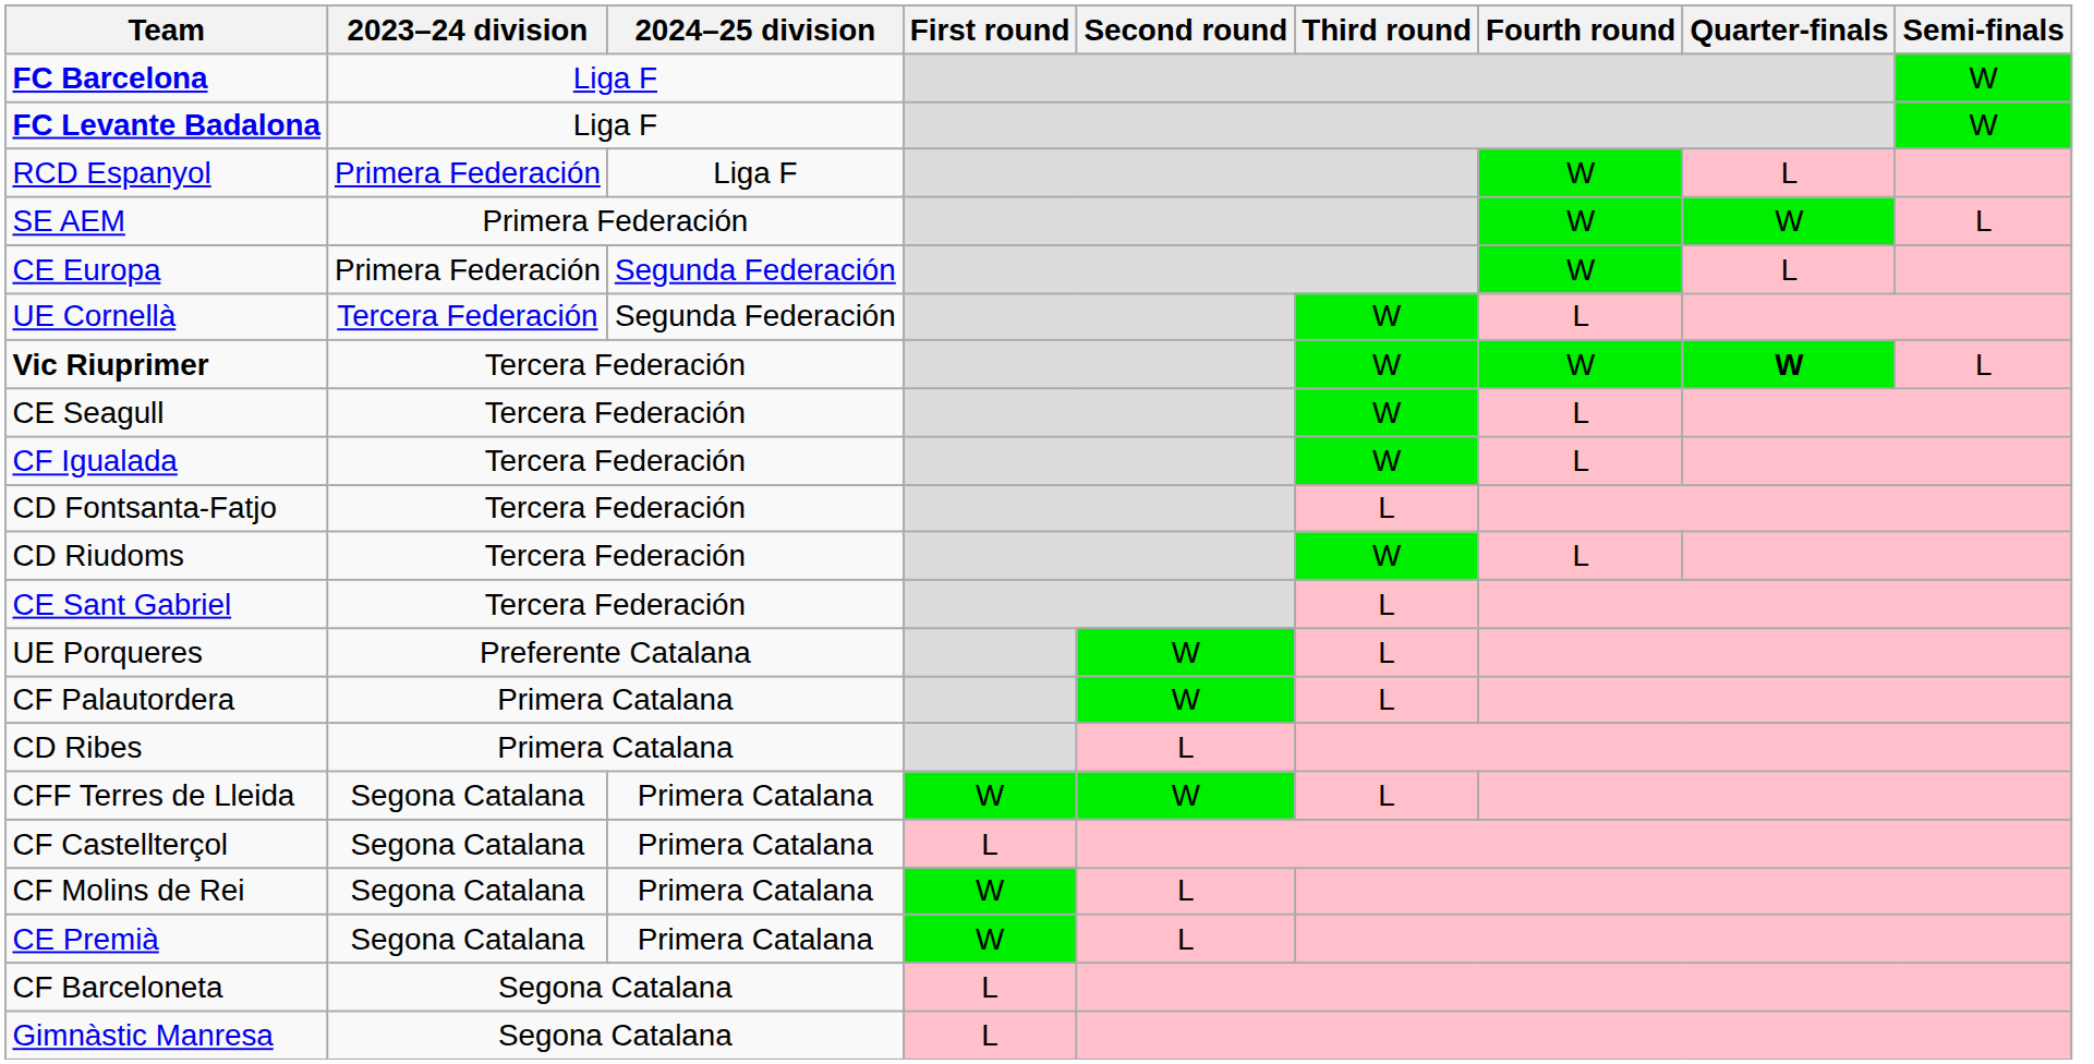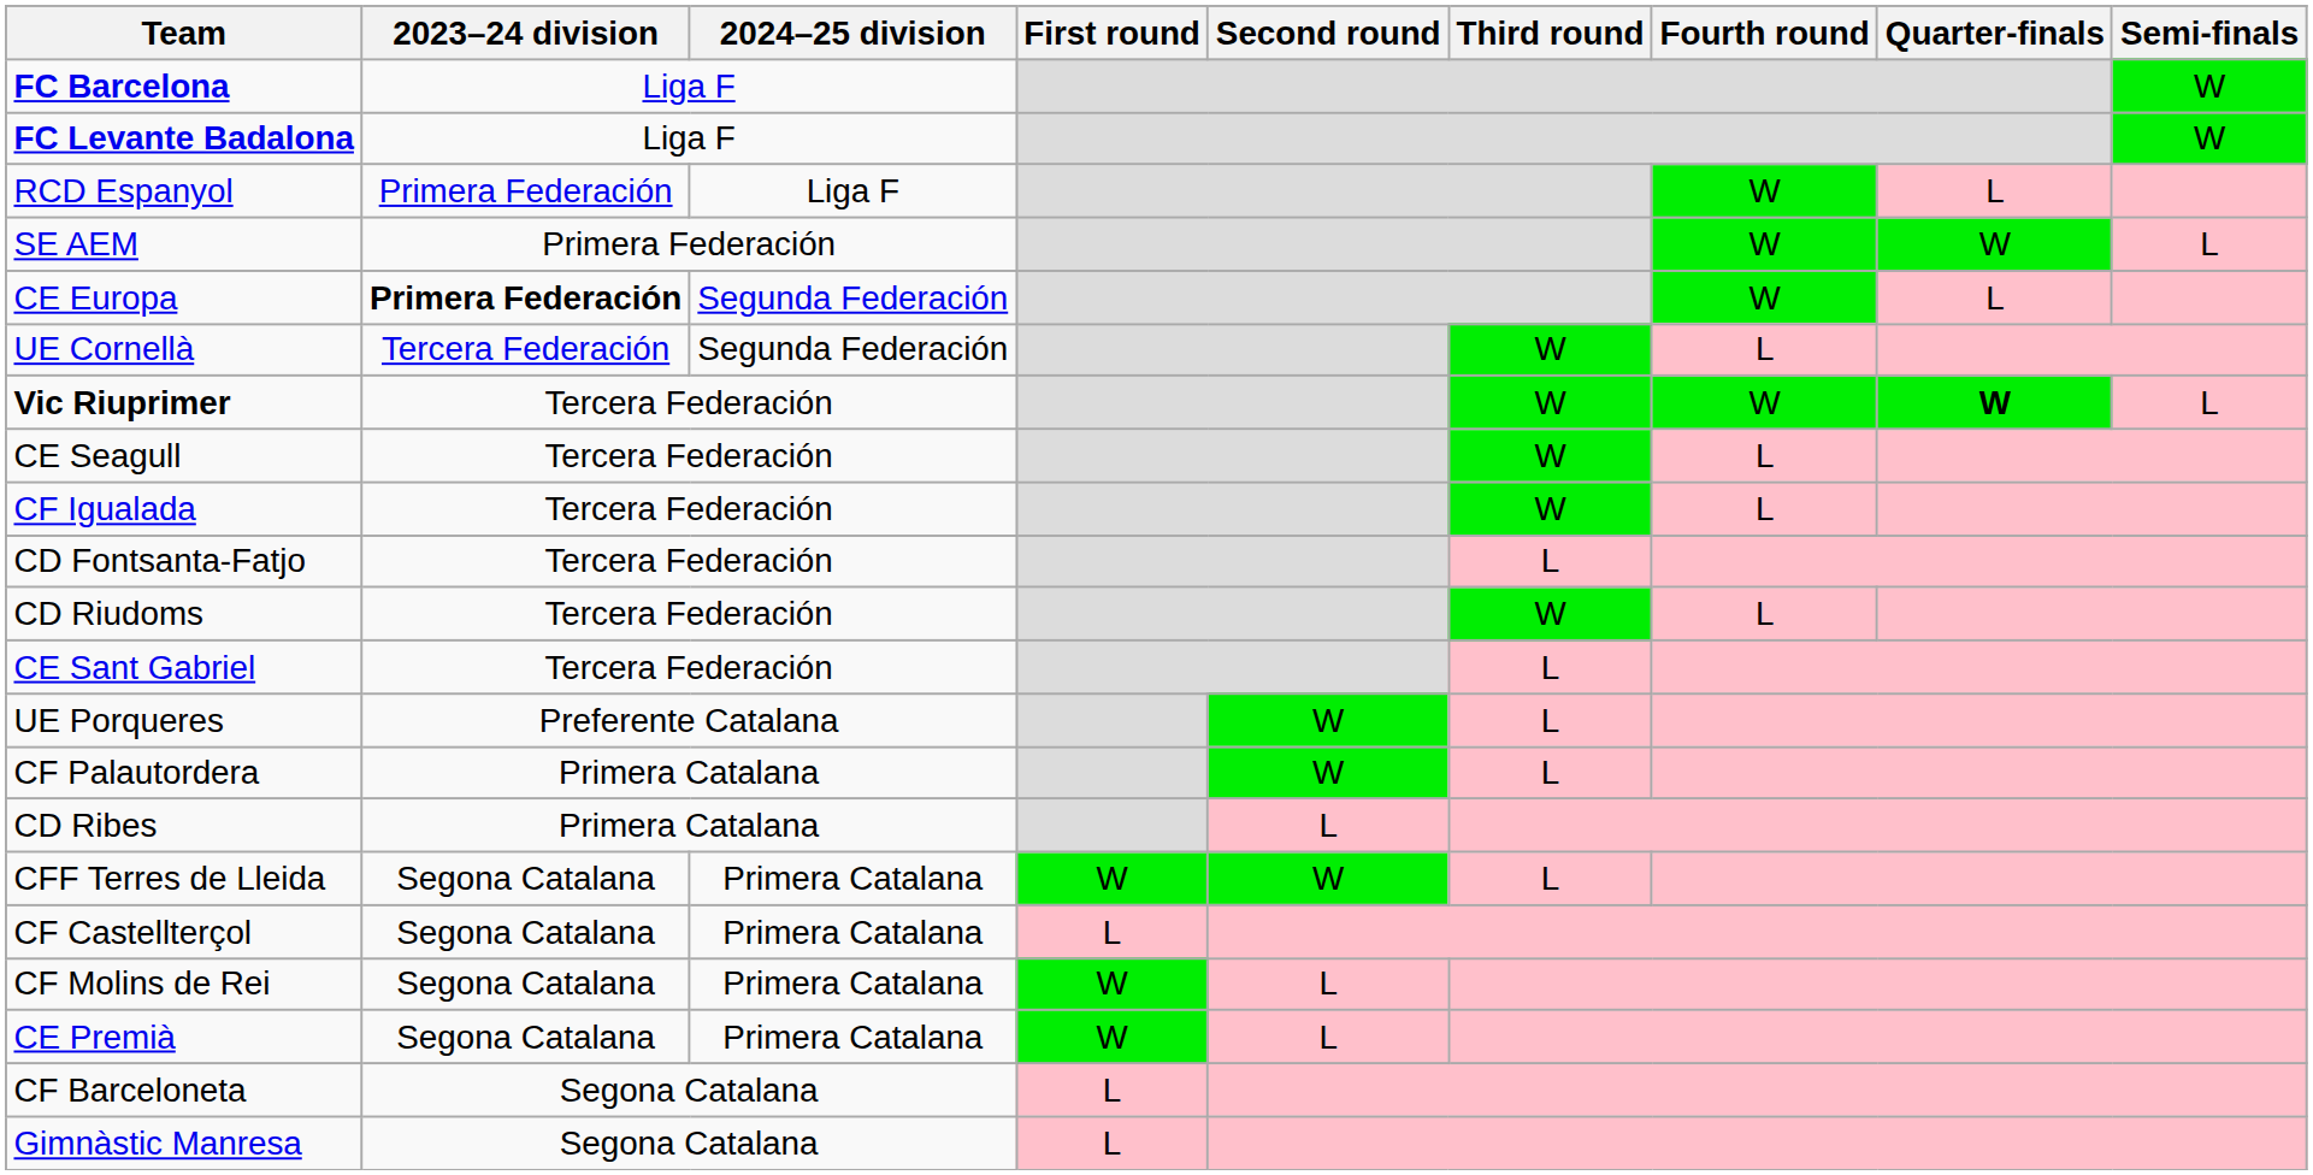 <table class="wikitable" style="font-size:90%;">
 <tr>
 <th>Team</th>
 <th>2023–24 division</th>
 <th>2024–25 division</th>
 <th>First round</th>
 <th>Second round</th>
 <th>Third round</th>
 <th>Fourth round</th>
 <th>Quarter-finals</th>
 <th>Semi-finals</th>
 </tr>
 <tr>
 <td><strong><a href='#'>FC Barcelona</a></strong> </td>
 <td colspan="2" align="center"><a href='#'>Liga F</a></td>
 <td colspan="5" bgcolor="#DCDCDC"></td>
 <td bgcolor="green2" align="center">W</td>
 </tr>
 <tr>
 <td><strong><a href='#'>FC Levante Badalona</a></strong> </td>
 <td colspan="2" align="center">Liga F</td>
 <td colspan="5" bgcolor="#DCDCDC"></td>
 <td bgcolor="green2" align="center">W</td>
 </tr>
 <tr>
 <td><a href='#'>RCD Espanyol</a> </td>
 <td align="center"><a href='#'>Primera Federación</a></td>
 <td align="center">Liga F</td>
 <td colspan="3" bgcolor="#DCDCDC"></td>
 <td bgcolor="green2" align="center">W</td>
 <td bgcolor="pink" align="center">L</td>
 <td bgcolor="pink"></td>
 </tr>
 <tr>
 <td><a href='#'>SE AEM</a> </td>
 <td colspan="2" align="center">Primera Federación</td>
 <td colspan="3" bgcolor="#DCDCDC"></td>
 <td bgcolor="green2" align="center">W</td>
 <td bgcolor="green2" align="center">W</td>
 <td bgcolor="pink" align="center">L</td>
 </tr>
 <tr>
 <td><a href='#'>CE Europa</a> </td>
-<td align="center">Primera Federación</td>
+<td align="center"><strong>Primera Federación</strong></td>
 <td><a href='#'>Segunda Federación</a></td>
 <td colspan="3" bgcolor="#DCDCDC"></td>
 <td bgcolor="green2" align="center">W</td>
 <td bgcolor="pink" align="center">L</td>
 <td bgcolor="pink"></td>
 </tr>
 <tr>
 <td><a href='#'>UE Cornellà</a> </td>
 <td align="center"><a href='#'>Tercera Federación</a></td>
 <td align="center">Segunda Federación</td>
 <td colspan="2" bgcolor="#DCDCDC"></td>
 <td bgcolor="green2" align="center">W</td>
 <td bgcolor="pink" align="center">L</td>
 <td colspan="2" bgcolor="pink"></td>
 </tr>
 <tr>
 <td><strong>Vic Riuprimer</strong></td>
 <td colspan="2" align="center">Tercera Federación</td>
 <td colspan="2" bgcolor="#DCDCDC"></td>
 <td bgcolor="green2" align="center">W</td>
 <td bgcolor="green2" align="center">W</td>
 <td bgcolor="green2" align="center"><strong>W</strong></td>
 <td bgcolor="pink" align="center">L</td>
 </tr>
 <tr>
 <td>CE Seagull</td>
 <td colspan="2" align="center">Tercera Federación</td>
 <td colspan="2" bgcolor="#DCDCDC"></td>
 <td bgcolor="green2" align="center">W</td>
 <td bgcolor="pink" align="center">L</td>
 <td colspan="2" bgcolor="pink"></td>
 </tr>
 <tr>
 <td><a href='#'>CF Igualada</a></td>
 <td colspan="2" align="center">Tercera Federación</td>
 <td colspan="2" bgcolor="#DCDCDC"></td>
 <td bgcolor="green2" align="center">W</td>
 <td bgcolor="pink" align="center">L</td>
 <td colspan="2" bgcolor="pink"></td>
 </tr>
 <tr>
 <td>CD Fontsanta-Fatjo</td>
 <td colspan="2" align="center">Tercera Federación</td>
 <td colspan="2" bgcolor="#DCDCDC"></td>
 <td bgcolor="pink" align="center">L</td>
 <td colspan="3" bgcolor="pink"></td>
 </tr>
 <tr>
 <td>CD Riudoms</td>
 <td colspan="2" align="center">Tercera Federación</td>
 <td colspan="2" bgcolor="#DCDCDC"></td>
 <td bgcolor="green2" align="center">W</td>
 <td bgcolor="pink" align="center">L</td>
 <td colspan="2" bgcolor="pink"></td>
 </tr>
 <tr>
 <td><a href='#'>CE Sant Gabriel</a></td>
 <td colspan="2" align="center">Tercera Federación</td>
 <td colspan="2" bgcolor="#DCDCDC"></td>
 <td bgcolor="pink" align="center">L</td>
 <td colspan="3" bgcolor="pink"></td>
 </tr>
 <tr>
 <td>UE Porqueres</td>
 <td colspan="2" align="center">Preferente Catalana</td>
 <td bgcolor="#DCDCDC"></td>
 <td bgcolor="green2" align="center">W</td>
 <td bgcolor="pink" align="center">L</td>
 <td colspan="3" bgcolor="pink"></td>
 </tr>
 <tr>
 <td>CF Palautordera</td>
 <td colspan="2" align="center">Primera Catalana</td>
 <td bgcolor="#DCDCDC"></td>
 <td bgcolor="green2" align="center">W</td>
 <td bgcolor="pink" align="center">L</td>
 <td colspan="3" bgcolor="pink"></td>
 </tr>
 <tr>
 <td>CD Ribes</td>
 <td colspan="2" align="center">Primera Catalana</td>
 <td bgcolor="#DCDCDC"></td>
 <td bgcolor="pink" align="center">L</td>
 <td colspan="4" bgcolor="pink"></td>
 </tr>
 <tr>
 <td>CFF Terres de Lleida</td>
 <td align="center">Segona Catalana</td>
 <td align="center">Primera Catalana</td>
 <td bgcolor="green2" align="center">W</td>
 <td bgcolor="green2" align="center">W</td>
 <td bgcolor="pink" align="center">L</td>
 <td colspan="3" bgcolor="pink"></td>
 </tr>
 <tr>
 <td>CF Castellterçol</td>
 <td align="center">Segona Catalana</td>
 <td align="center">Primera Catalana</td>
 <td bgcolor="pink" align="center">L</td>
 <td colspan="5" bgcolor="pink"></td>
 </tr>
 <tr>
 <td>CF Molins de Rei</td>
 <td align="center">Segona Catalana</td>
 <td align="center">Primera Catalana</td>
 <td bgcolor="green2" align="center">W</td>
 <td bgcolor="pink" align="center">L</td>
 <td colspan="4" bgcolor="pink"></td>
 </tr>
 <tr>
 <td><a href='#'>CE Premià</a></td>
 <td align="center">Segona Catalana</td>
 <td align="center">Primera Catalana</td>
 <td bgcolor="green2" align="center">W</td>
 <td bgcolor="pink" align="center">L</td>
 <td colspan="4" bgcolor="pink"></td>
 </tr>
 <tr>
 <td>CF Barceloneta</td>
 <td colspan="2" align="center">Segona Catalana</td>
 <td bgcolor="pink" align="center">L</td>
 <td colspan="5" bgcolor="pink"></td>
 </tr>
 <tr>
 <td><a href='#'>Gimnàstic Manresa</a></td>
 <td colspan="2" align="center">Segona Catalana</td>
 <td bgcolor="pink" align="center">L</td>
 <td colspan="5" bgcolor="pink"></td>
 </tr>
 </table>
